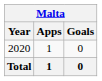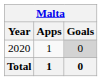 <table class="wikitable" style="text-align:center">
 <tr>
 <th colspan=3><a href='#'>Malta</a></th>
 </tr>
 <tr>
 <th>Year</th>
 <th>Apps</th>
 <th>Goals</th>
 </tr>
 <tr>
 <td>2020</td>
 <td>1</td>
-<td>0</td>
+<td style="background: lightgrey;">0</td>
 </tr>
 <tr>
 <th>Total</th>
 <th>1</th>
 <th>0</th>
 </tr>
 </table>
